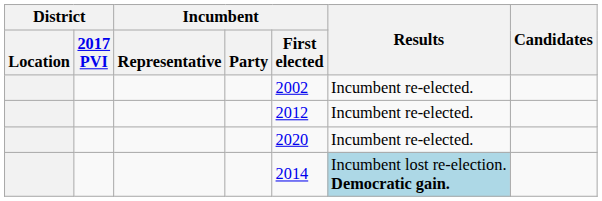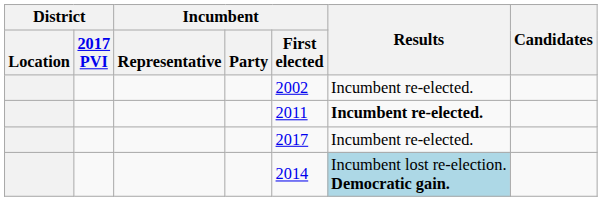 <table class="wikitable sortable">
 <tr>
 <th colspan=2>District</th>
 <th colspan=3>Incumbent</th>
 <th rowspan=2>Results</th>
 <th rowspan=2>Candidates</th>
 </tr>
 <tr valign=bottom>
 <th>Location</th>
 <th><a href='#'>2017<br>PVI</a></th>
 <th>Representative</th>
 <th>Party</th>
 <th>First<br>elected</th>
 </tr>
 <tr>
 <th></th>
 <td></td>
 <td></td>
 <td></td>
 <td><a href='#'>2002</a></td>
 <td>Incumbent re-elected.</td>
 <td nowrap></td>
 </tr>
 <tr>
 <th></th>
 <td></td>
 <td></td>
 <td></td>
-<td><a href='#'>2012</a></td>
-<td>Incumbent re-elected.</td>
+<td><a href='#'>2011</a></td>
+<td><strong>Incumbent re-elected.</strong></td>
 <td nowrap></td>
 </tr>
 <tr>
 <th></th>
 <td></td>
 <td></td>
 <td></td>
-<td><a href='#'>2020 </a></td>
+<td><a href='#'>2017 </a></td>
 <td>Incumbent re-elected.</td>
 <td nowrap></td>
 </tr>
 <tr>
 <th></th>
 <td></td>
 <td></td>
 <td></td>
 <td><a href='#'>2014</a></td>
 <td style="background: lightblue;">Incumbent lost re-election.<br><strong>Democratic gain.</strong></td>
 <td nowrap></td>
 </tr>
 </table>
